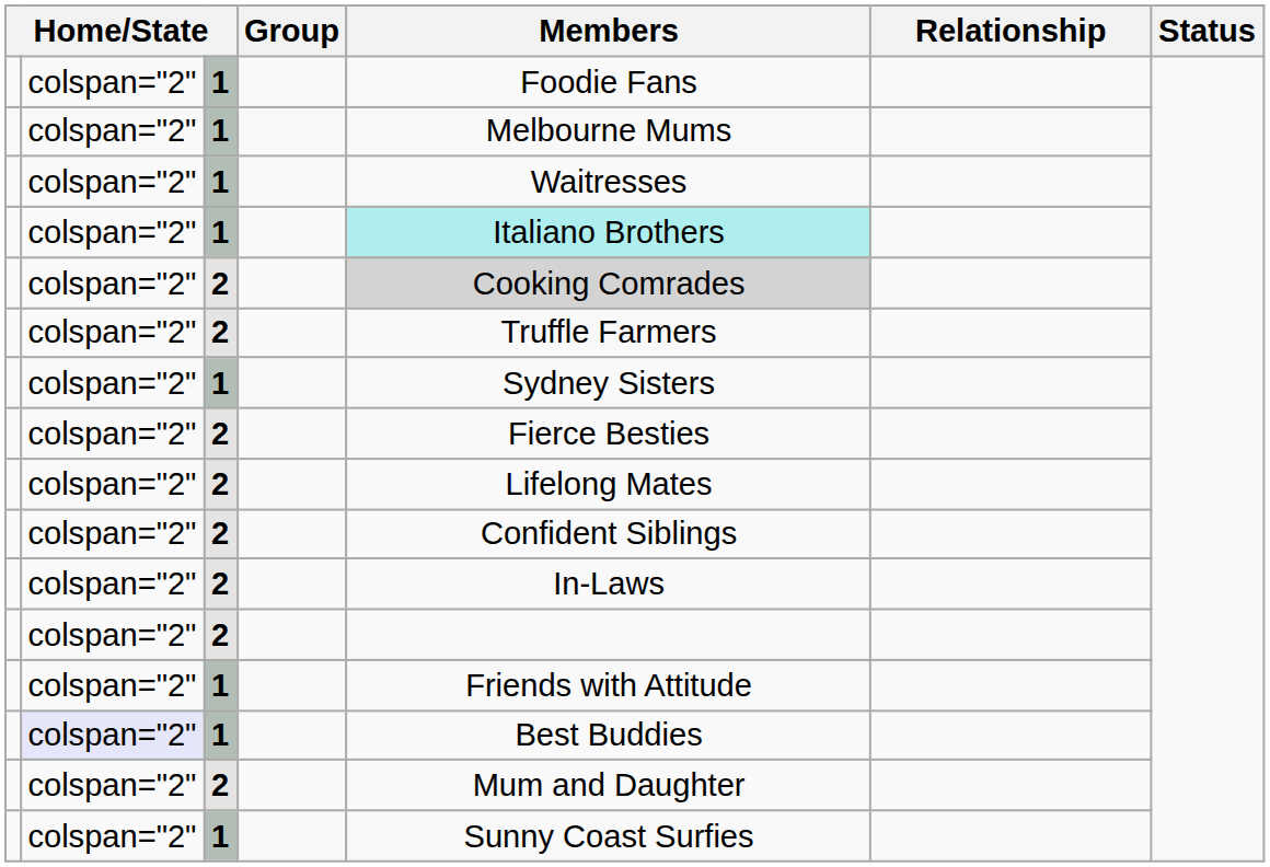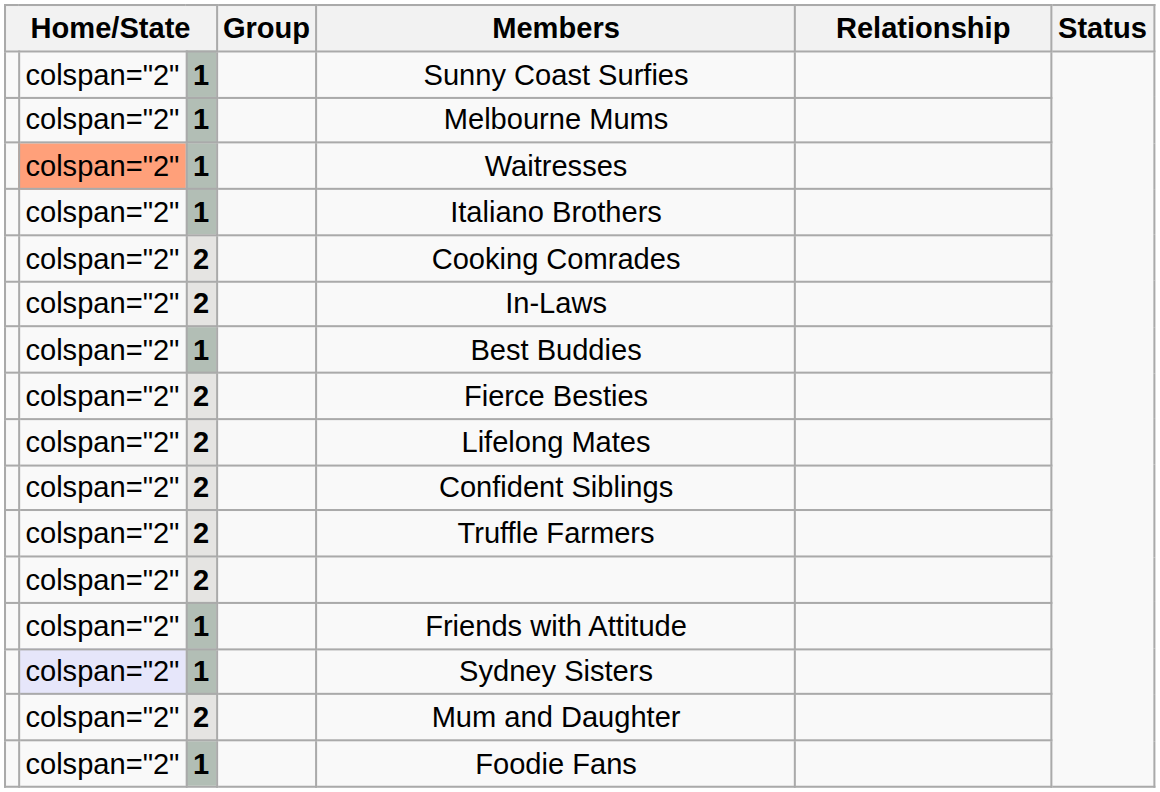 <table class="wikitable sortable" align="center" style="text-align:center; font-size:90%">
 <tr>
 <th colspan="3">Home/State</th>
 <th data-sort-type="number">Group</th>
 <th width="230">Members</th>
 <th width="120">Relationship</th>
 <th>Status</th>
 </tr>
 <tr>
 <td></td>
 <td>colspan="2" </td>
 <th style="background:#B2BEB5">1</th>
 <td></td>
-<td>Foodie Fans</td>
+<td>Sunny Coast Surfies</td>
 <td style="text-align:left"><em></em></td>
 </tr>
 <tr>
 <td></td>
 <td>colspan="2" </td>
 <th style="background:#B2BEB5">1</th>
 <td></td>
 <td>Melbourne Mums</td>
 <td style="text-align:left"><em></em></td>
 </tr>
 <tr>
 <td></td>
-<td>colspan="2" </td>
+<td style="background: lightsalmon;">colspan="2" </td>
 <th style="background:#B2BEB5">1</th>
 <td></td>
 <td>Waitresses</td>
 <td style="text-align:left"><em></em></td>
 </tr>
 <tr>
 <td></td>
 <td>colspan="2" </td>
 <th style="background:#B2BEB5">1</th>
 <td></td>
-<td style="background: paleturquoise;">Italiano Brothers</td>
+<td>Italiano Brothers</td>
 <td style="text-align:left"><em></em></td>
 </tr>
 <tr>
 <td></td>
 <td>colspan="2" </td>
 <th style="background:#E5E4E2">2</th>
 <td></td>
-<td style="background: lightgrey;">Cooking Comrades</td>
+<td>Cooking Comrades</td>
 <td rowspan="1" style="text-align:left"><em></em></td>
 </tr>
 <tr>
 <td></td>
 <td>colspan="2" </td>
 <th style="background:#E5E4E2">2</th>
 <td></td>
-<td>Truffle Farmers</td>
+<td>In-Laws</td>
 <td rowspan="1" style="text-align:left"><em></em></td>
 </tr>
 <tr>
 <td></td>
 <td>colspan="2" </td>
 <th style="background:#B2BEB5">1</th>
 <td></td>
-<td>Sydney Sisters</td>
+<td>Best Buddies</td>
 <td style="text-align:left"></td>
 </tr>
 <tr>
 <td></td>
 <td>colspan="2" </td>
 <th style="background:#E5E4E2">2</th>
 <td></td>
 <td>Fierce Besties</td>
 <td style="text-align:left"></td>
 </tr>
 <tr>
 <td></td>
 <td>colspan="2" </td>
 <th style="background:#E5E4E2">2</th>
 <td></td>
 <td>Lifelong Mates</td>
 <td style="text-align:left"></td>
 </tr>
 <tr>
 <td></td>
 <td>colspan="2" </td>
 <th style="background:#E5E4E2">2</th>
 <td></td>
 <td>Confident Siblings</td>
 <td style="text-align:left"></td>
 </tr>
 <tr>
 <td></td>
 <td>colspan="2" </td>
 <th style="background:#E5E4E2">2</th>
 <td></td>
-<td>In-Laws</td>
+<td>Truffle Farmers</td>
 <td style="text-align:left"></td>
 </tr>
 <tr>
 <td></td>
 <td>colspan="2" </td>
 <th style="background:#E5E4E2">2</th>
 <td></td>
 <td></td>
 <td style="text-align:left"></td>
 </tr>
 <tr>
 <td></td>
 <td>colspan="2" </td>
 <th style="background:#B2BEB5">1</th>
 <td></td>
 <td>Friends with Attitude</td>
 <td style="text-align:left"></td>
 </tr>
 <tr>
 <td></td>
 <td style="background: lavender;">colspan="2" </td>
 <th style="background:#B2BEB5">1</th>
 <td></td>
-<td>Best Buddies</td>
+<td>Sydney Sisters</td>
 <td style="text-align:left"></td>
 </tr>
 <tr>
 <td></td>
 <td>colspan="2" </td>
 <th style="background:#E5E4E2">2</th>
 <td></td>
 <td>Mum and Daughter</td>
 <td style="text-align:left"></td>
 </tr>
 <tr>
 <td></td>
 <td>colspan="2" </td>
 <th style="background:#B2BEB5">1</th>
 <td></td>
-<td>Sunny Coast Surfies</td>
+<td>Foodie Fans</td>
 <td style="text-align:left"></td>
 </tr>
 </table>
